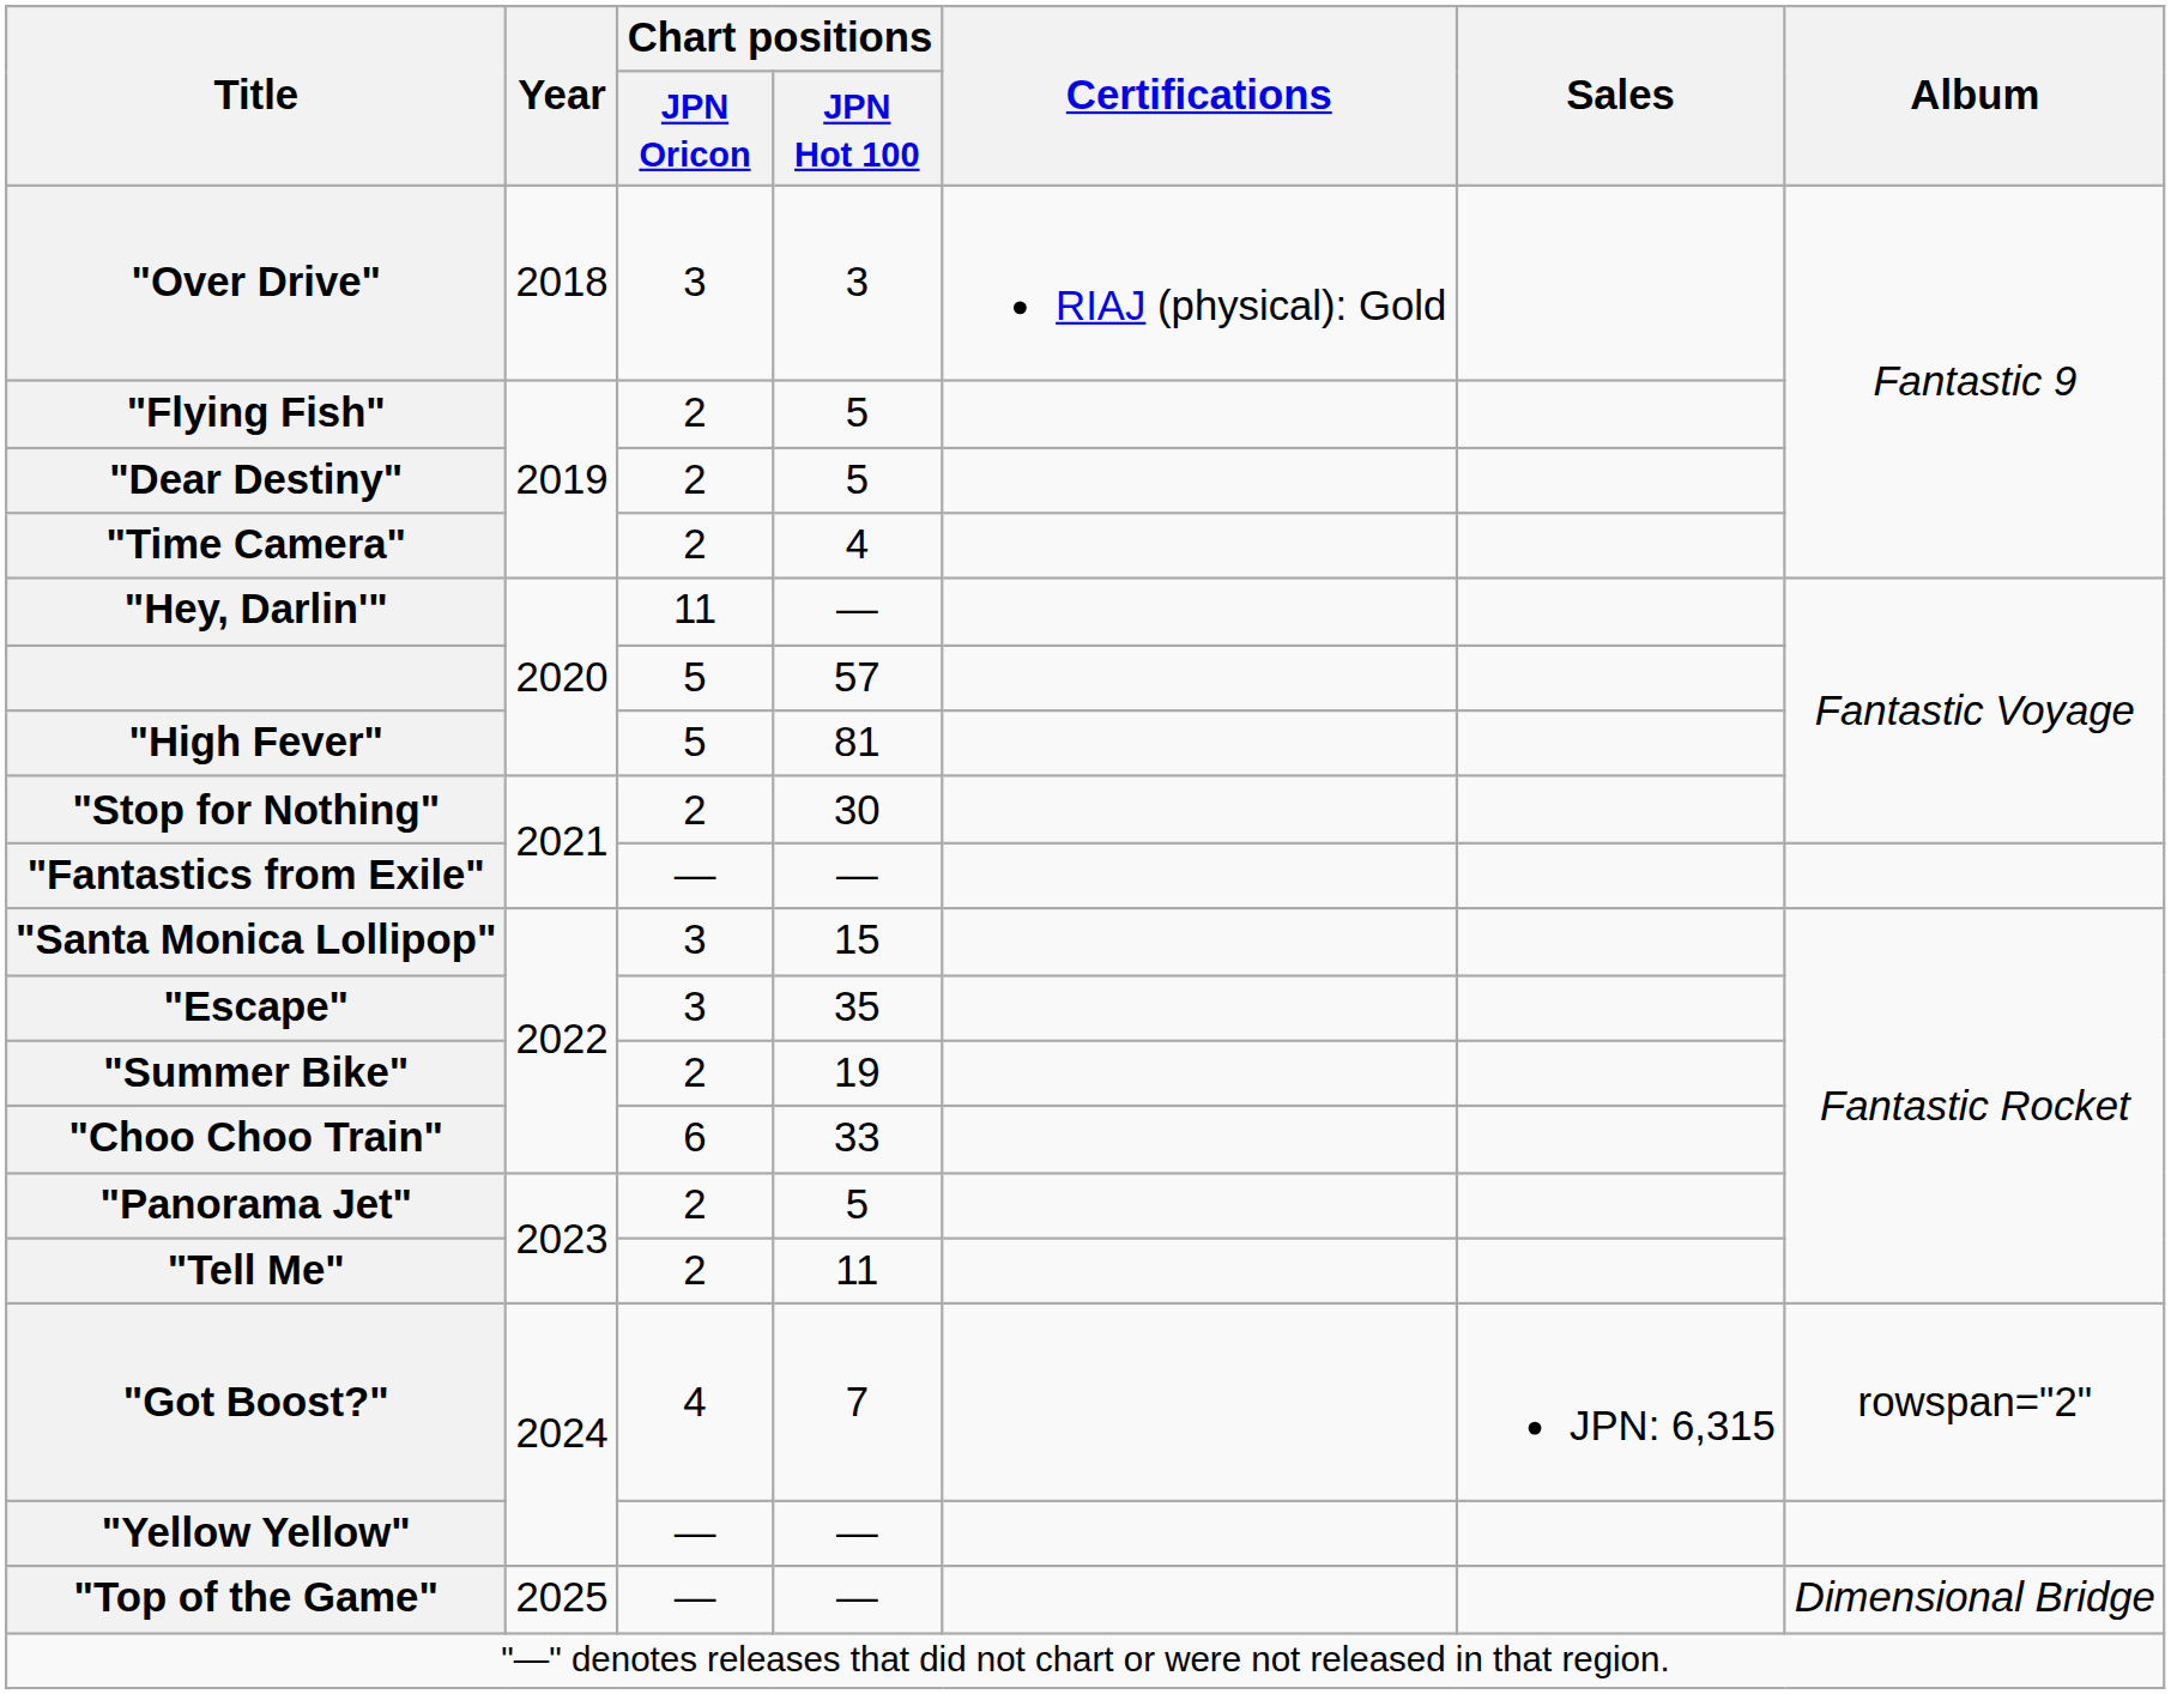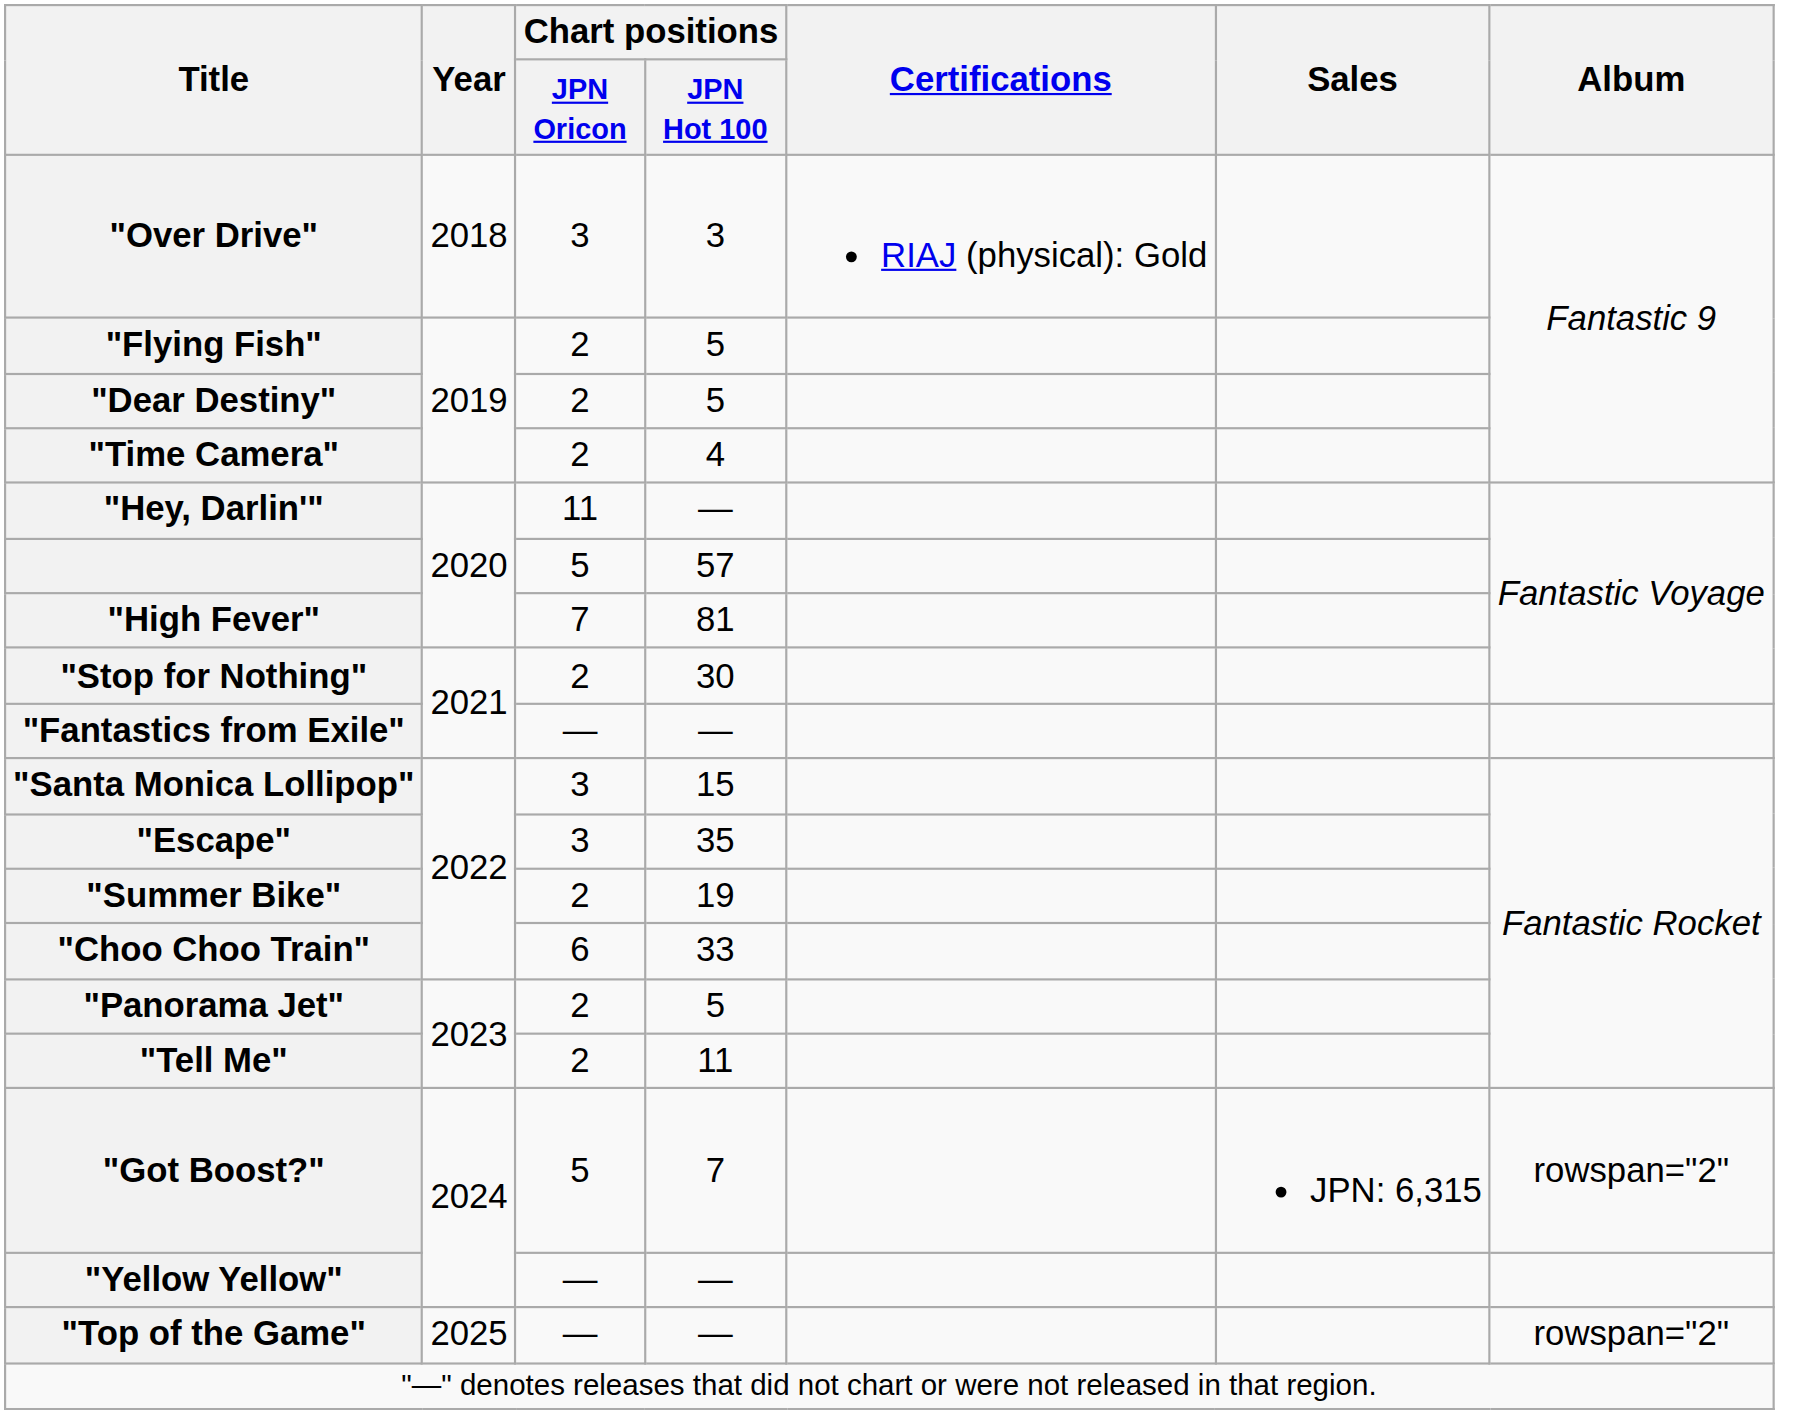 <table class="wikitable plainrowheaders" style="text-align:center">
 <tr>
 <th scope="col" rowspan="2">Title</th>
 <th scope="col" rowspan="2">Year</th>
 <th scope="col" colspan="2">Chart positions</th>
 <th scope="col" rowspan="2"><a href='#'>Certifications</a></th>
 <th rowspan="2">Sales</th>
 <th rowspan="2" scope="col">Album</th>
 </tr>
 <tr>
 <th scope="col"><small><a href='#'>JPN<br>Oricon</a></small><br></th>
 <th scope="col"><small><a href='#'>JPN<br>Hot 100</a></small><br></th>
 </tr>
 <tr>
 <th scope="row">"Over Drive"</th>
 <td>2018</td>
 <td>3</td>
 <td>3</td>
 <td><br><ul><li><a href='#'>RIAJ</a> <span>(physical)</span>: Gold</li></ul></td>
 <td></td>
 <td rowspan="4"><em>Fantastic 9</em></td>
 </tr>
 <tr>
 <th scope="row">"Flying Fish"</th>
 <td rowspan="3">2019</td>
 <td>2</td>
 <td>5</td>
 <td></td>
 <td></td>
 </tr>
 <tr>
 <th scope="row">"Dear Destiny"</th>
 <td>2</td>
 <td>5</td>
 <td></td>
 <td></td>
 </tr>
 <tr>
 <th scope="row">"Time Camera"</th>
 <td>2</td>
 <td>4</td>
 <td></td>
 <td></td>
 </tr>
 <tr>
 <th scope="row">"Hey, Darlin'"</th>
 <td rowspan="3">2020</td>
 <td>11</td>
 <td>—</td>
 <td></td>
 <td></td>
 <td rowspan="4"><em>Fantastic Voyage</em></td>
 </tr>
 <tr>
 <th scope="row"></th>
 <td>5</td>
 <td>57</td>
 <td></td>
 <td></td>
 </tr>
 <tr>
 <th scope="row">"High Fever"</th>
-<td>5</td>
+<td>7</td>
 <td>81</td>
 <td></td>
 <td></td>
 </tr>
 <tr>
 <th scope="row">"Stop for Nothing"</th>
 <td rowspan="2">2021</td>
 <td>2</td>
 <td>30</td>
 <td></td>
 <td></td>
 </tr>
 <tr>
 <th scope="row">"Fantastics from Exile"</th>
 <td>—</td>
 <td>—</td>
 <td></td>
 <td></td>
 <td></td>
 </tr>
 <tr>
 <th scope="row">"Santa Monica Lollipop"</th>
 <td rowspan="4">2022</td>
 <td>3</td>
 <td>15</td>
 <td></td>
 <td></td>
 <td rowspan="6"><em>Fantastic Rocket</em></td>
 </tr>
 <tr>
 <th scope="row">"Escape"</th>
 <td>3</td>
 <td>35</td>
 <td></td>
 <td></td>
 </tr>
 <tr>
 <th scope="row">"Summer Bike"</th>
 <td>2</td>
 <td>19</td>
 <td></td>
 <td></td>
 </tr>
 <tr>
 <th scope="row">"Choo Choo Train"</th>
 <td>6</td>
 <td>33</td>
 <td></td>
 <td></td>
 </tr>
 <tr>
 <th scope="row">"Panorama Jet"</th>
 <td rowspan="2">2023</td>
 <td>2</td>
 <td>5</td>
 <td></td>
 <td></td>
 </tr>
 <tr>
 <th scope="row">"Tell Me"</th>
 <td>2</td>
 <td>11</td>
 <td></td>
 <td></td>
 </tr>
 <tr>
 <th scope="row">"Got Boost?"</th>
 <td rowspan="2">2024</td>
-<td>4</td>
+<td>5</td>
 <td>7</td>
 <td></td>
 <td><br><ul><li>JPN: 6,315 </li></ul></td>
 <td>rowspan="2" </td>
 </tr>
 <tr>
 <th scope="row">"Yellow Yellow"</th>
 <td>—</td>
 <td>—</td>
 <td></td>
 <td></td>
 </tr>
 <tr>
 <th scope="row">"Top of the Game"</th>
 <td>2025</td>
 <td>—</td>
 <td>—</td>
 <td></td>
 <td></td>
-<td><em>Dimensional Bridge</em></td>
+<td>rowspan="2" </td>
 </tr>
 <tr>
 <td colspan="7" style="font-size:85%">"—" denotes releases that did not chart or were not released in that region.</td>
 </tr>
 </table>
